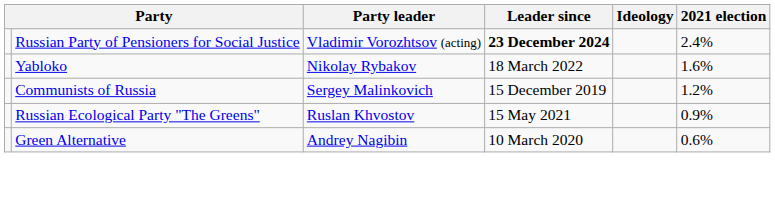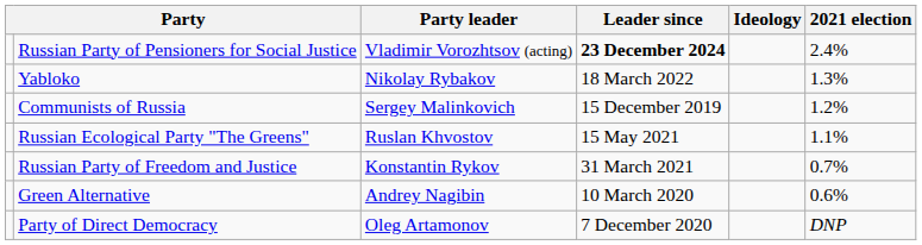 <table class="wikitable">
 <tr>
 <th style="text-align:center;" colspan="2">Party</th>
 <th style="text-align:center;">Party leader</th>
 <th style="text-align:center;">Leader since</th>
 <th style="text-align:center;">Ideology</th>
 <th style="text-align:center;">2021 election</th>
 </tr>
 <tr>
 <td style="background: "></td>
 <td><a href='#'>Russian Party of Pensioners for Social Justice</a></td>
 <td><a href='#'>Vladimir Vorozhtsov</a> <small>(acting)</small></td>
 <td><strong>23 December 2024</strong></td>
 <td></td>
 <td>2.4%</td>
 </tr>
 <tr>
 <td style="background: "></td>
 <td><a href='#'>Yabloko</a></td>
 <td><a href='#'>Nikolay Rybakov</a></td>
 <td>18 March 2022</td>
 <td></td>
-<td>1.6%</td>
+<td>1.3%</td>
 </tr>
 <tr>
 <td style="background: "></td>
 <td><a href='#'>Communists of Russia</a></td>
 <td><a href='#'>Sergey Malinkovich</a></td>
 <td>15 December 2019</td>
 <td></td>
 <td>1.2%</td>
 </tr>
 <tr>
 <td style="background: "></td>
 <td><a href='#'>Russian Ecological Party "The Greens"</a></td>
 <td><a href='#'>Ruslan Khvostov</a></td>
 <td>15 May 2021</td>
 <td></td>
-<td>0.9%</td>
+<td>1.1%</td>
+</tr>
+<tr>
+<td style="background: "></td>
+<td><a href='#'>Russian Party of Freedom and Justice</a></td>
+<td><a href='#'>Konstantin Rykov</a></td>
+<td>31 March 2021</td>
+<td></td>
+<td>0.7%</td>
 </tr>
 <tr>
 <td style="background: "></td>
 <td><a href='#'>Green Alternative</a></td>
 <td><a href='#'>Andrey Nagibin</a></td>
 <td>10 March 2020</td>
 <td></td>
 <td>0.6%</td>
 </tr>
+<tr>
+<td style="background: "></td>
+<td><a href='#'>Party of Direct Democracy</a></td>
+<td><a href='#'>Oleg Artamonov</a></td>
+<td>7 December 2020</td>
+<td></td>
+<td><em>DNP</em></td>
+</tr>
 </table>
